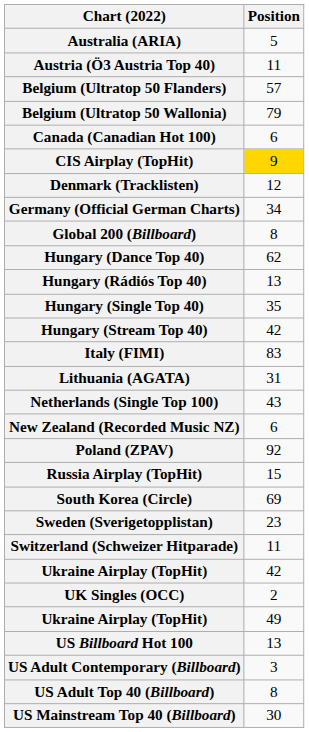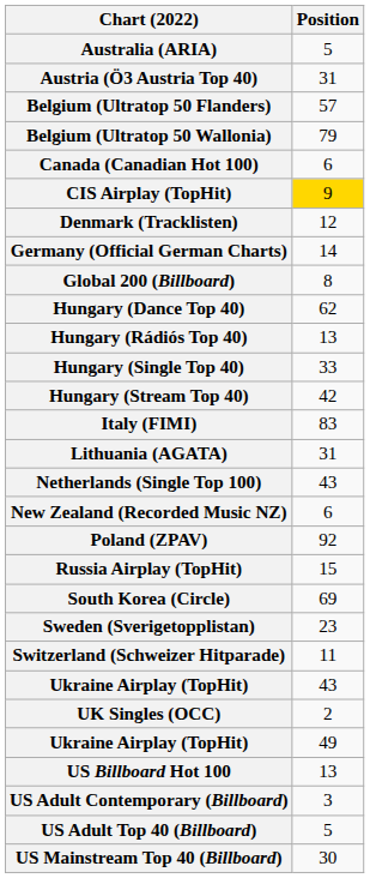 <table class="wikitable sortable plainrowheaders" style="text-align:center">
 <tr>
 <th scope="col">Chart (2022)</th>
 <th scope="col">Position</th>
 </tr>
 <tr>
 <th scope="row">Australia (ARIA)</th>
 <td>5</td>
 </tr>
 <tr>
 <th scope="row">Austria (Ö3 Austria Top 40)</th>
-<td>11</td>
+<td>31</td>
 </tr>
 <tr>
 <th scope="row">Belgium (Ultratop 50 Flanders)</th>
 <td>57</td>
 </tr>
 <tr>
 <th scope="row">Belgium (Ultratop 50 Wallonia)</th>
 <td>79</td>
 </tr>
 <tr>
 <th scope="row">Canada (Canadian Hot 100)</th>
 <td>6</td>
 </tr>
 <tr>
 <th scope="row">CIS Airplay (TopHit)</th>
 <td style="background: gold;">9</td>
 </tr>
 <tr>
 <th scope="row">Denmark (Tracklisten)</th>
 <td>12</td>
 </tr>
 <tr>
 <th scope="row">Germany (Official German Charts)</th>
-<td>34</td>
+<td>14</td>
 </tr>
 <tr>
 <th scope="row">Global 200 (<em>Billboard</em>)</th>
 <td>8</td>
 </tr>
 <tr>
 <th scope="row">Hungary (Dance Top 40)</th>
 <td>62</td>
 </tr>
 <tr>
 <th scope="row">Hungary (Rádiós Top 40)</th>
 <td>13</td>
 </tr>
 <tr>
 <th scope="row">Hungary (Single Top 40)</th>
-<td>35</td>
+<td>33</td>
 </tr>
 <tr>
 <th scope="row">Hungary (Stream Top 40)</th>
 <td>42</td>
 </tr>
 <tr>
 <th scope="row">Italy (FIMI)</th>
 <td>83</td>
 </tr>
 <tr>
 <th scope="row">Lithuania (AGATA)</th>
 <td>31</td>
 </tr>
 <tr>
 <th scope="row">Netherlands (Single Top 100)</th>
 <td>43</td>
 </tr>
 <tr>
 <th scope="row">New Zealand (Recorded Music NZ)</th>
 <td>6</td>
 </tr>
 <tr>
 <th scope="row">Poland (ZPAV)</th>
 <td>92</td>
 </tr>
 <tr>
 <th scope="row">Russia Airplay (TopHit)</th>
 <td>15</td>
 </tr>
 <tr>
 <th scope="row">South Korea (Circle)</th>
 <td>69</td>
 </tr>
 <tr>
 <th scope="row">Sweden (Sverigetopplistan)</th>
 <td>23</td>
 </tr>
 <tr>
 <th scope="row">Switzerland (Schweizer Hitparade)</th>
 <td>11</td>
 </tr>
 <tr>
 <th scope="row">Ukraine Airplay (TopHit)</th>
-<td>42</td>
+<td>43</td>
 </tr>
 <tr>
 <th scope="row">UK Singles (OCC)</th>
 <td>2</td>
 </tr>
 <tr>
 <th scope="row">Ukraine Airplay (TopHit)</th>
 <td>49</td>
 </tr>
 <tr>
 <th scope="row">US <em>Billboard</em> Hot 100</th>
 <td>13</td>
 </tr>
 <tr>
 <th scope="row">US Adult Contemporary (<em>Billboard</em>)</th>
 <td>3</td>
 </tr>
 <tr>
 <th scope="row">US Adult Top 40 (<em>Billboard</em>)</th>
-<td>8</td>
+<td>5</td>
 </tr>
 <tr>
 <th scope="row">US Mainstream Top 40 (<em>Billboard</em>)</th>
 <td>30</td>
 </tr>
 </table>
